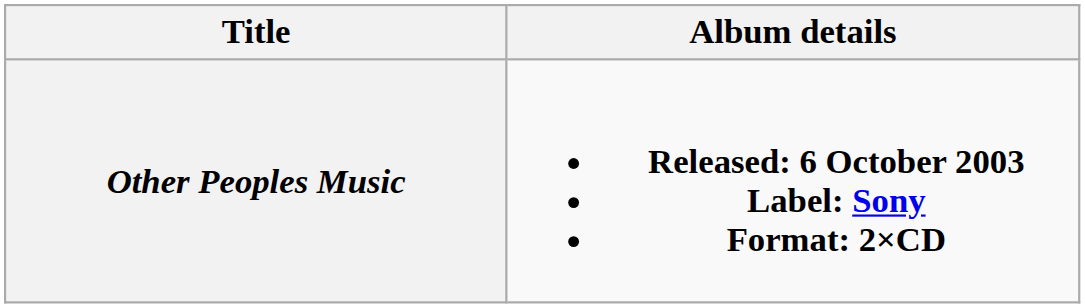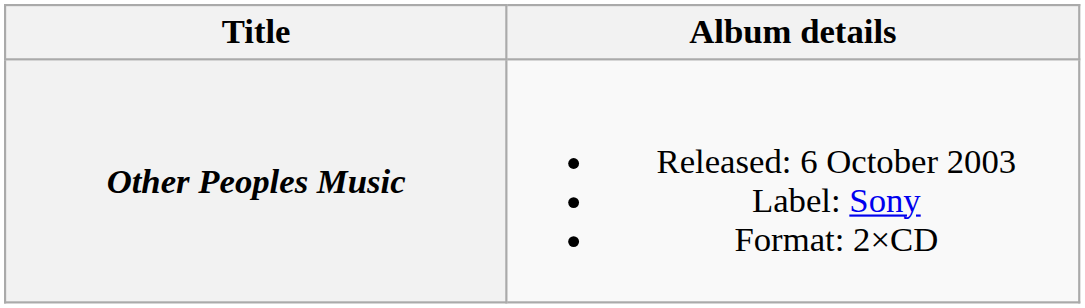 <table class="wikitable plainrowheaders" style="text-align:center;" border="1">
 <tr>
 <th scope="col" style="width:14em;">Title</th>
 <th scope="col" style="width:16em;">Album details</th>
 </tr>
 <tr>
 <th scope="row"><em>Other Peoples Music</em></th>
-<td><strong><br><ul><li>Released: 6 October 2003 </li><li>Label: <a href='#'>Sony</a></li><li>Format: 2×CD</li></ul></strong></td>
+<td><br><ul><li>Released: 6 October 2003 </li><li>Label: <a href='#'>Sony</a></li><li>Format: 2×CD</li></ul></td>
 </tr>
 </table>
